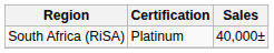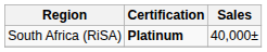 <table class="wikitable">
 <tr>
 <th>Region</th>
 <th>Certification</th>
 <th>Sales</th>
 </tr>
 <tr>
 <td>South Africa (RiSA)</td>
-<td>Platinum</td>
+<td><strong>Platinum</strong></td>
 <td>40,000±</td>
 </tr>
 <tr>
 </tr>
 </table>
